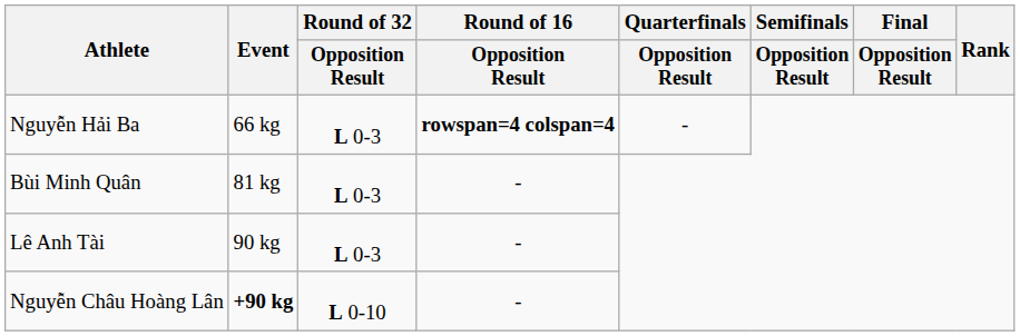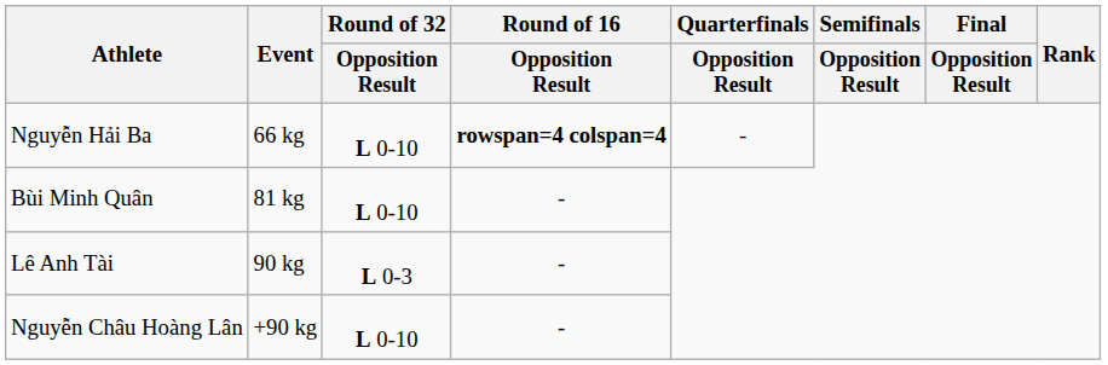 <table class=wikitable style=font-size:90%;text-align:center>
 <tr>
 <th rowspan="2">Athlete</th>
 <th rowspan="2">Event</th>
 <th>Round of 32</th>
 <th>Round of 16</th>
 <th>Quarterfinals</th>
 <th>Semifinals</th>
 <th>Final</th>
 <th rowspan="2">Rank</th>
 </tr>
 <tr style="font-size:95%">
 <th>Opposition<br>Result</th>
 <th>Opposition<br>Result</th>
 <th>Opposition<br>Result</th>
 <th>Opposition<br>Result</th>
 <th>Opposition<br>Result</th>
 </tr>
 <tr>
 <td align=left>Nguyễn Hải Ba</td>
 <td align=left>66 kg</td>
-<td><br><strong>L</strong> 0-3</td>
+<td><br><strong>L</strong> 0-10</td>
 <td><strong>rowspan=4 colspan=4</strong></td>
 <td>-</td>
 </tr>
 <tr>
 <td align=left>Bùi Minh Quân</td>
 <td align=left>81 kg</td>
-<td><br><strong>L</strong> 0-3</td>
+<td><br><strong>L</strong> 0-10</td>
 <td>-</td>
 </tr>
 <tr>
 <td align=left>Lê Anh Tài</td>
 <td align=left>90 kg</td>
 <td><br><strong>L</strong> 0-3</td>
 <td>-</td>
 </tr>
 <tr>
 <td align=left>Nguyễn Châu Hoàng Lân</td>
-<td align=left><strong>+90 kg</strong></td>
+<td align=left>+90 kg</td>
 <td><br><strong>L</strong> 0-10</td>
 <td>-</td>
 </tr>
 </table>
